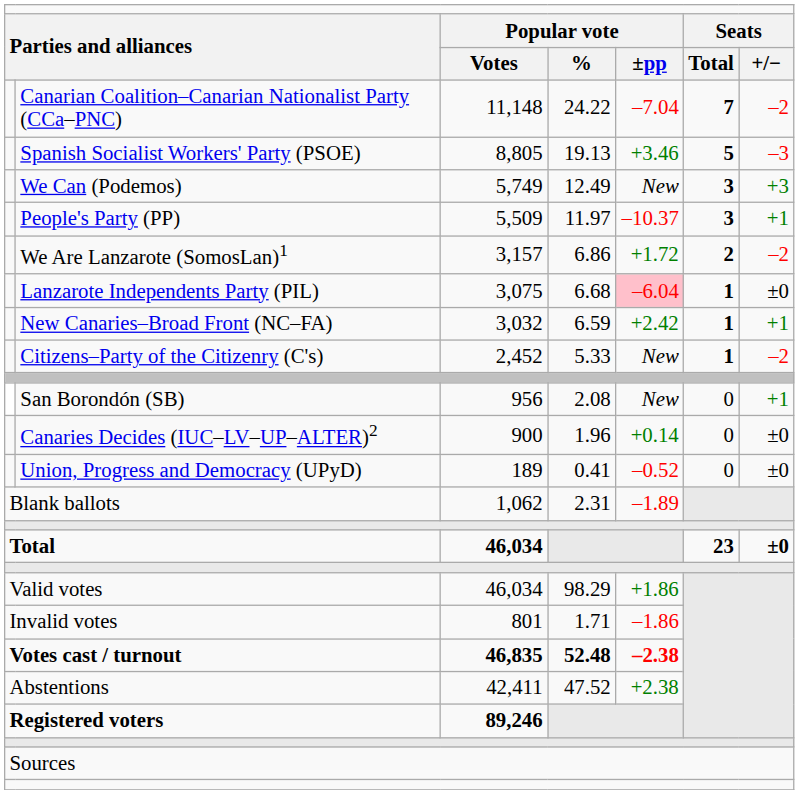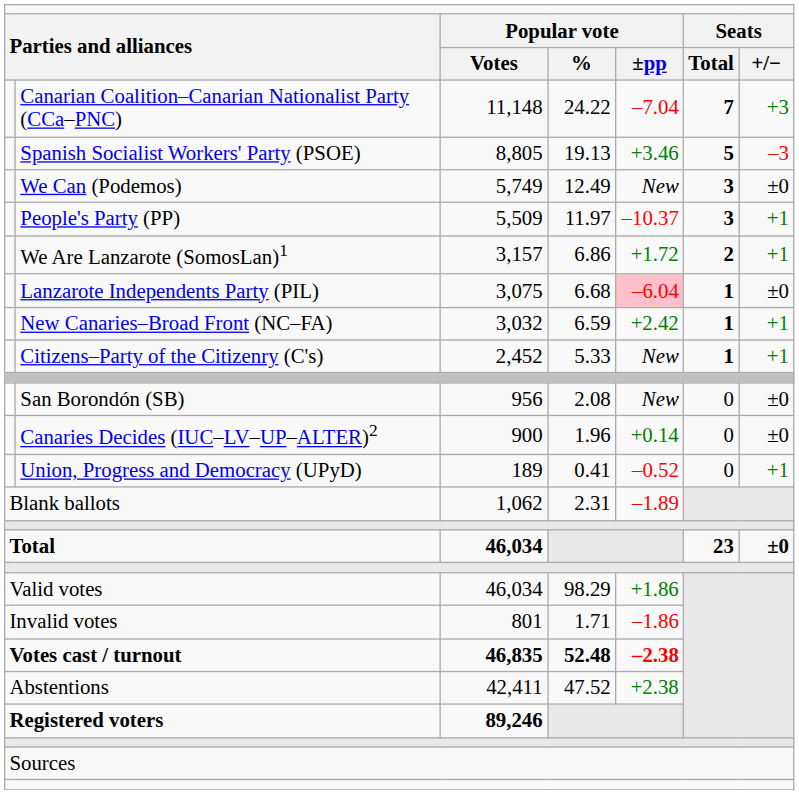 <table class="wikitable" style="text-align:right;">
 <tr>
 <td colspan="7"></td>
 </tr>
 <tr>
 <th style="text-align:left;" rowspan="2" colspan="2" width="525">Parties and alliances</th>
 <th colspan="3">Popular vote</th>
 <th colspan="2">Seats</th>
 </tr>
 <tr>
 <th width="75">Votes</th>
 <th width="45">%</th>
 <th width="45">±<a href='#'>pp</a></th>
 <th width="35">Total</th>
 <th width="35">+/−</th>
 </tr>
 <tr>
 <td width="1" style="color:inherit;background:"></td>
 <td align="left"><a href='#'>Canarian Coalition–Canarian Nationalist Party</a> (<a href='#'>CCa</a>–<a href='#'>PNC</a>)</td>
 <td>11,148</td>
 <td>24.22</td>
 <td style="color:red;">–7.04</td>
 <td><strong>7</strong></td>
-<td style="color:red;">–2</td>
+<td style="color:green;">+3</td>
 </tr>
 <tr>
 <td style="color:inherit;background:"></td>
 <td align="left"><a href='#'>Spanish Socialist Workers' Party</a> (PSOE)</td>
 <td>8,805</td>
 <td>19.13</td>
 <td style="color:green;">+3.46</td>
 <td><strong>5</strong></td>
 <td style="color:red;">–3</td>
 </tr>
 <tr>
 <td style="color:inherit;background:"></td>
 <td align="left"><a href='#'>We Can</a> (Podemos)</td>
 <td>5,749</td>
 <td>12.49</td>
 <td><em>New</em></td>
 <td><strong>3</strong></td>
-<td style="color:green;">+3</td>
+<td>±0</td>
 </tr>
 <tr>
 <td style="color:inherit;background:"></td>
 <td align="left"><a href='#'>People's Party</a> (PP)</td>
 <td>5,509</td>
 <td>11.97</td>
 <td style="color:red;">–10.37</td>
 <td><strong>3</strong></td>
 <td style="color:green;">+1</td>
 </tr>
 <tr>
 <td style="color:inherit;background:"></td>
 <td align="left">We Are Lanzarote (SomosLan)<sup>1</sup></td>
 <td>3,157</td>
 <td>6.86</td>
 <td style="color:green;">+1.72</td>
 <td><strong>2</strong></td>
-<td style="color:red;">–2</td>
+<td style="color:green;">+1</td>
 </tr>
 <tr>
 <td style="color:inherit;background:"></td>
 <td align="left"><a href='#'>Lanzarote Independents Party</a> (PIL)</td>
 <td>3,075</td>
 <td>6.68</td>
 <td style="background: pink; color:red;">–6.04</td>
 <td><strong>1</strong></td>
 <td>±0</td>
 </tr>
 <tr>
 <td style="color:inherit;background:"></td>
 <td align="left"><a href='#'>New Canaries–Broad Front</a> (NC–FA)</td>
 <td>3,032</td>
 <td>6.59</td>
 <td style="color:green;">+2.42</td>
 <td><strong>1</strong></td>
 <td style="color:green;">+1</td>
 </tr>
 <tr>
 <td style="color:inherit;background:"></td>
 <td align="left"><a href='#'>Citizens–Party of the Citizenry</a> (C's)</td>
 <td>2,452</td>
 <td>5.33</td>
 <td><em>New</em></td>
 <td><strong>1</strong></td>
-<td style="color:red;">–2</td>
+<td style="color:green;">+1</td>
 </tr>
 <tr>
 <td colspan="7" bgcolor="#C0C0C0"></td>
 </tr>
 <tr>
 <td bgcolor="white"></td>
 <td align="left">San Borondón (SB)</td>
 <td>956</td>
 <td>2.08</td>
 <td><em>New</em></td>
 <td>0</td>
-<td style="color:green;">+1</td>
+<td>±0</td>
 </tr>
 <tr>
 <td style="color:inherit;background:"></td>
 <td align="left"><a href='#'>Canaries Decides</a> (<a href='#'>IUC</a>–<a href='#'>LV</a>–<a href='#'>UP</a>–<a href='#'>ALTER</a>)<sup>2</sup></td>
 <td>900</td>
 <td>1.96</td>
 <td style="color:green;">+0.14</td>
 <td>0</td>
 <td>±0</td>
 </tr>
 <tr>
 <td style="color:inherit;background:"></td>
 <td align="left"><a href='#'>Union, Progress and Democracy</a> (UPyD)</td>
 <td>189</td>
 <td>0.41</td>
 <td style="color:red;">–0.52</td>
 <td>0</td>
-<td>±0</td>
+<td style="color:green;">+1</td>
 </tr>
 <tr>
 <td align="left" colspan="2">Blank ballots</td>
 <td>1,062</td>
 <td>2.31</td>
 <td style="color:red;">–1.89</td>
 <td bgcolor="#E9E9E9" colspan="2"></td>
 </tr>
 <tr>
 <td colspan="7" bgcolor="#E9E9E9"></td>
 </tr>
 <tr style="font-weight:bold;">
 <td align="left" colspan="2">Total</td>
 <td>46,034</td>
 <td bgcolor="#E9E9E9" colspan="2"></td>
 <td>23</td>
 <td>±0</td>
 </tr>
 <tr>
 <td colspan="7" bgcolor="#E9E9E9"></td>
 </tr>
 <tr>
 <td align="left" colspan="2">Valid votes</td>
 <td>46,034</td>
 <td>98.29</td>
 <td style="color:green;">+1.86</td>
 <td bgcolor="#E9E9E9" colspan="2" rowspan="5"></td>
 </tr>
 <tr>
 <td align="left" colspan="2">Invalid votes</td>
 <td>801</td>
 <td>1.71</td>
 <td style="color:red;">–1.86</td>
 </tr>
 <tr style="font-weight:bold;">
 <td align="left" colspan="2">Votes cast / turnout</td>
 <td>46,835</td>
 <td>52.48</td>
 <td style="color:red;">–2.38</td>
 </tr>
 <tr>
 <td align="left" colspan="2">Abstentions</td>
 <td>42,411</td>
 <td>47.52</td>
 <td style="color:green;">+2.38</td>
 </tr>
 <tr style="font-weight:bold;">
 <td align="left" colspan="2">Registered voters</td>
 <td>89,246</td>
 <td bgcolor="#E9E9E9" colspan="2"></td>
 </tr>
 <tr>
 <td colspan="7" bgcolor="#E9E9E9"></td>
 </tr>
 <tr>
 <td align="left" colspan="7">Sources</td>
 </tr>
 <tr>
 <td colspan="7" style="text-align:left; max-width:790px;"></td>
 </tr>
 </table>
